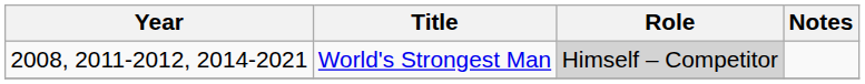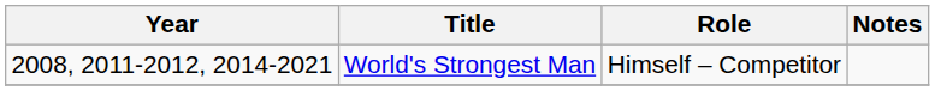 <table class="wikitable sortable">
 <tr>
 <th>Year</th>
 <th>Title</th>
 <th>Role</th>
 <th>Notes</th>
 </tr>
 <tr>
 <td>2008, 2011-2012, 2014-2021</td>
 <td><a href='#'>World's Strongest Man</a></td>
-<td style="background: lightgrey;">Himself – Competitor</td>
+<td>Himself – Competitor</td>
 <td></td>
 </tr>
 <tr>
 </tr>
 </table>
